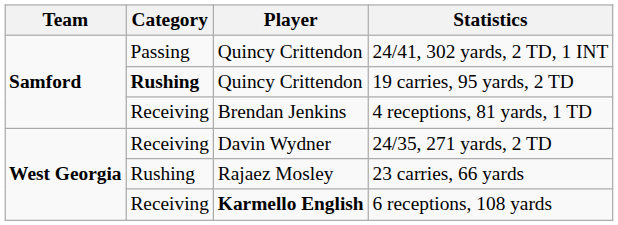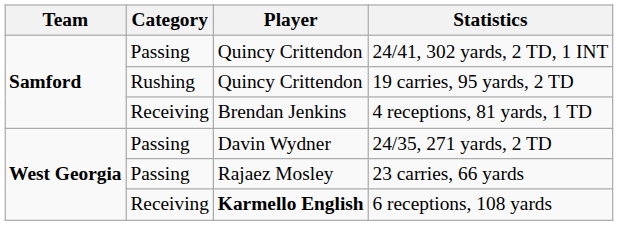 <table class="wikitable" style="float: right;">
 <tr>
 <th>Team</th>
 <th>Category</th>
 <th>Player</th>
 <th>Statistics</th>
 </tr>
 <tr>
 <td rowspan=3><strong>Samford</strong></td>
 <td>Passing</td>
 <td>Quincy Crittendon</td>
 <td>24/41, 302 yards, 2 TD, 1 INT</td>
 </tr>
 <tr>
-<td><strong>Rushing</strong></td>
+<td>Rushing</td>
 <td>Quincy Crittendon</td>
 <td>19 carries, 95 yards, 2 TD</td>
 </tr>
 <tr>
 <td>Receiving</td>
 <td>Brendan Jenkins</td>
 <td>4 receptions, 81 yards, 1 TD</td>
 </tr>
 <tr>
 <td rowspan=3><strong>West Georgia</strong></td>
-<td>Receiving</td>
+<td>Passing</td>
 <td>Davin Wydner</td>
 <td>24/35, 271 yards, 2 TD</td>
 </tr>
 <tr>
-<td>Rushing</td>
+<td>Passing</td>
 <td>Rajaez Mosley</td>
 <td>23 carries, 66 yards</td>
 </tr>
 <tr>
 <td>Receiving</td>
 <td><strong>Karmello English</strong></td>
 <td>6 receptions, 108 yards</td>
 </tr>
 </table>
